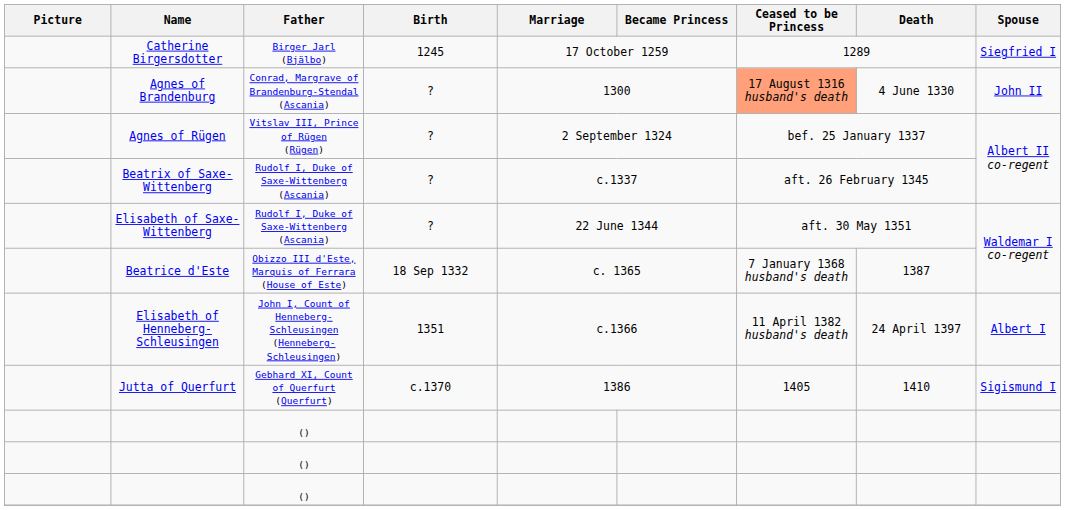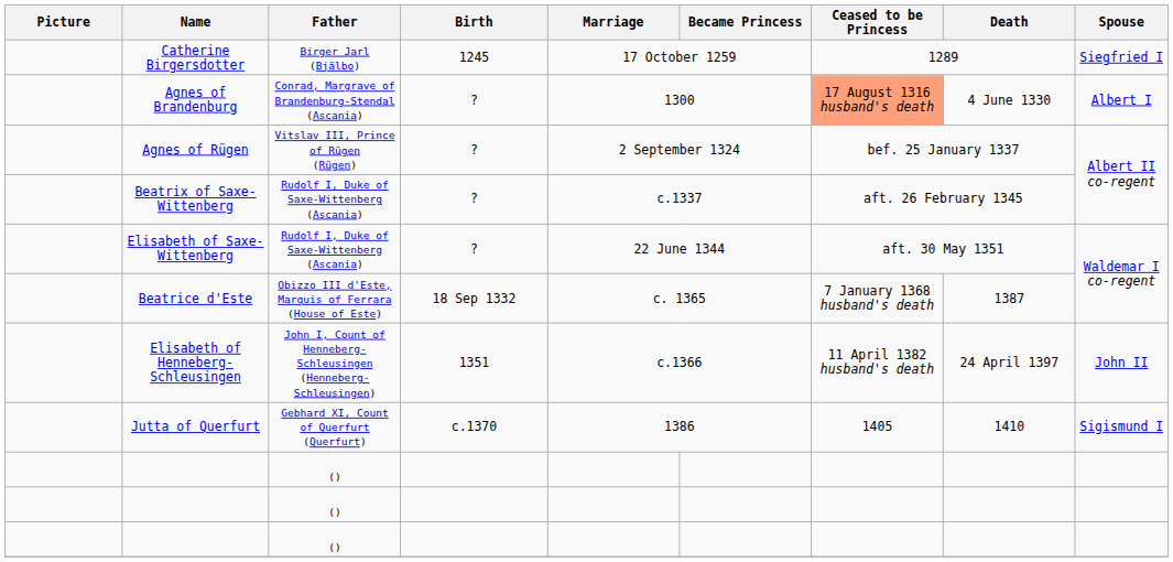 <table width=95% class="wikitable">
 <tr>
 <th width = "8%">Picture</th>
 <th width = "10%">Name</th>
 <th width = "9%">Father</th>
 <th width = "10%">Birth</th>
 <th width = "9%">Marriage</th>
 <th width = "9%">Became Princess</th>
 <th width = "9%">Ceased to be Princess</th>
 <th width = "9%">Death</th>
 <th width = "6%">Spouse</th>
 </tr>
 <tr>
 <td align="center"></td>
 <td align="center"><a href='#'>Catherine Birgersdotter</a></td>
 <td align="center"><small><a href='#'>Birger Jarl</a><br>(<a href='#'>Bjälbo</a>)</small></td>
 <td align="center">1245</td>
 <td align="center" colspan="2">17 October 1259</td>
 <td align="center" colspan="2">1289</td>
 <td align="center"><a href='#'>Siegfried I</a></td>
 </tr>
 <tr>
 <td align="center"></td>
 <td align="center"><a href='#'>Agnes of Brandenburg</a></td>
 <td align="center"><small><a href='#'>Conrad, Margrave of Brandenburg-Stendal</a><br>(<a href='#'>Ascania</a>)</small></td>
 <td align="center">?</td>
 <td align="center" colspan="2">1300</td>
 <td align="center" style="background: lightsalmon;">17 August 1316<br><em>husband's death</em></td>
 <td align="center">4 June 1330</td>
-<td align="center"><a href='#'>John II</a></td>
+<td align="center"><a href='#'>Albert I</a></td>
 </tr>
 <tr>
 <td align="center"></td>
 <td align="center"><a href='#'>Agnes of Rügen</a></td>
 <td align="center"><small><a href='#'>Vitslav III, Prince of Rügen</a><br>(<a href='#'>Rügen</a>)</small></td>
 <td align="center">?</td>
 <td align="center" colspan="2">2 September 1324</td>
 <td align="center" colspan="2">bef. 25 January 1337</td>
 <td align="center" rowspan="2"><a href='#'>Albert II</a><br><em>co-regent</em></td>
 </tr>
 <tr>
 <td align="center"></td>
 <td align="center"><a href='#'>Beatrix of Saxe-Wittenberg</a></td>
 <td align="center"><small><a href='#'>Rudolf I, Duke of Saxe-Wittenberg</a><br>(<a href='#'>Ascania</a>)</small></td>
 <td align="center">?</td>
 <td align="center" colspan="2">c.1337</td>
 <td align="center" colspan="2">aft. 26 February 1345</td>
 </tr>
 <tr>
 <td align="center"></td>
 <td align="center"><a href='#'>Elisabeth of Saxe-Wittenberg</a></td>
 <td align="center"><small><a href='#'>Rudolf I, Duke of Saxe-Wittenberg</a><br>(<a href='#'>Ascania</a>)</small></td>
 <td align="center">?</td>
 <td align="center" colspan="2">22 June 1344</td>
 <td align="center" colspan="2">aft. 30 May 1351</td>
 <td align="center" rowspan="2"><a href='#'>Waldemar I</a><br><em>co-regent</em></td>
 </tr>
 <tr>
 <td align="center"></td>
 <td align="center"><a href='#'>Beatrice d'Este</a></td>
 <td align="center"><small><a href='#'>Obizzo III d'Este, Marquis of Ferrara</a><br>(<a href='#'>House of Este</a>)</small></td>
 <td align="center">18 Sep 1332</td>
 <td align="center" colspan="2">c. 1365</td>
 <td align="center">7 January 1368<br><em>husband's death</em></td>
 <td align="center">1387</td>
 </tr>
 <tr>
 <td align="center"></td>
 <td align="center"><a href='#'>Elisabeth of Henneberg-Schleusingen</a></td>
 <td align="center"><small><a href='#'>John I, Count of Henneberg-Schleusingen</a><br>(<a href='#'>Henneberg-Schleusingen</a>)</small></td>
 <td align="center">1351</td>
 <td align="center" colspan="2">c.1366</td>
 <td align="center">11 April 1382<br><em>husband's death</em></td>
 <td align="center">24 April 1397</td>
-<td align="center"><a href='#'>Albert I</a></td>
+<td align="center"><a href='#'>John II</a></td>
 </tr>
 <tr>
 <td align="center"></td>
 <td align="center"><a href='#'>Jutta of Querfurt</a></td>
 <td align="center"><small><a href='#'>Gebhard XI, Count of Querfurt</a><br>(<a href='#'>Querfurt</a>)</small></td>
 <td align="center">c.1370</td>
 <td align="center" colspan="2">1386</td>
 <td align="center">1405</td>
 <td align="center">1410</td>
 <td align="center"><a href='#'>Sigismund I</a></td>
 </tr>
 <tr>
 <td align="center"></td>
 <td align="center"></td>
 <td align="center"><small><br>()</small></td>
 <td align="center"></td>
 <td align="center"></td>
 <td align="center"></td>
 <td align="center"></td>
 <td align="center"></td>
 <td align="center"></td>
 </tr>
 <tr>
 <td align="center"></td>
 <td align="center"></td>
 <td align="center"><small><br>()</small></td>
 <td align="center"></td>
 <td align="center"></td>
 <td align="center"></td>
 <td align="center"></td>
 <td align="center"></td>
 <td align="center"></td>
 </tr>
 <tr>
 <td align="center"></td>
 <td align="center"></td>
 <td align="center"><small><br>()</small></td>
 <td align="center"></td>
 <td align="center"></td>
 <td align="center"></td>
 <td align="center"></td>
 <td align="center"></td>
 <td align="center"></td>
 </tr>
 <tr>
 </tr>
 </table>
